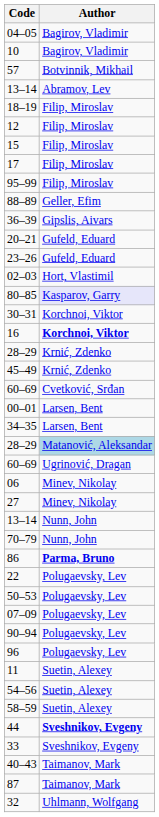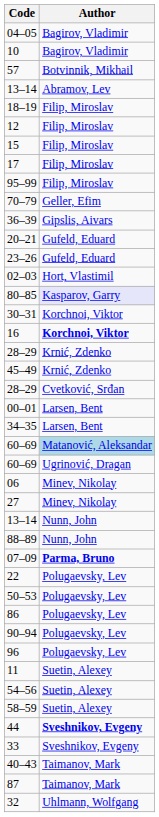 <table class="wikitable sortable">
 <tr>
 <th>Code</th>
 <th>Author</th>
 </tr>
 <tr>
 <td>04–05</td>
 <td><a href='#'>Bagirov, Vladimir</a></td>
 </tr>
 <tr>
 <td>10</td>
 <td><a href='#'>Bagirov, Vladimir</a></td>
 </tr>
 <tr>
 <td>57</td>
 <td><a href='#'>Botvinnik, Mikhail</a></td>
 </tr>
 <tr>
 <td>13–14</td>
 <td><a href='#'>Abramov, Lev</a></td>
 </tr>
 <tr>
 <td>18–19</td>
 <td><a href='#'>Filip, Miroslav</a></td>
 </tr>
 <tr>
 <td>12</td>
 <td><a href='#'>Filip, Miroslav</a></td>
 </tr>
 <tr>
 <td>15</td>
 <td><a href='#'>Filip, Miroslav</a></td>
 </tr>
 <tr>
 <td>17</td>
 <td><a href='#'>Filip, Miroslav</a></td>
 </tr>
 <tr>
 <td>95–99</td>
 <td><a href='#'>Filip, Miroslav</a></td>
 </tr>
 <tr>
-<td>88–89</td>
+<td>70–79</td>
 <td><a href='#'>Geller, Efim</a></td>
 </tr>
 <tr>
 <td>36–39</td>
 <td><a href='#'>Gipslis, Aivars</a></td>
 </tr>
 <tr>
 <td>20–21</td>
 <td><a href='#'>Gufeld, Eduard</a></td>
 </tr>
 <tr>
 <td>23–26</td>
 <td><a href='#'>Gufeld, Eduard</a></td>
 </tr>
 <tr>
 <td>02–03</td>
 <td><a href='#'>Hort, Vlastimil</a></td>
 </tr>
 <tr>
 <td>80–85</td>
 <td style="background: lavender;"><a href='#'>Kasparov, Garry</a></td>
 </tr>
 <tr>
 <td>30–31</td>
 <td><a href='#'>Korchnoi, Viktor</a></td>
 </tr>
 <tr>
 <td>16</td>
 <td><strong><a href='#'>Korchnoi, Viktor</a></strong></td>
 </tr>
 <tr>
 <td>28–29</td>
 <td><a href='#'>Krnić, Zdenko</a></td>
 </tr>
 <tr>
 <td>45–49</td>
 <td><a href='#'>Krnić, Zdenko</a></td>
 </tr>
 <tr>
-<td>60–69</td>
+<td>28–29</td>
 <td><a href='#'>Cvetković, Srđan</a></td>
 </tr>
 <tr>
 <td>00–01</td>
 <td><a href='#'>Larsen, Bent</a></td>
 </tr>
 <tr>
 <td>34–35</td>
 <td><a href='#'>Larsen, Bent</a></td>
 </tr>
 <tr>
-<td>28–29</td>
+<td>60–69</td>
 <td style="background: lightblue;"><a href='#'>Matanović, Aleksandar</a></td>
 </tr>
 <tr>
 <td>60–69</td>
 <td><a href='#'>Ugrinović, Dragan</a></td>
 </tr>
 <tr>
 <td>06</td>
 <td><a href='#'>Minev, Nikolay</a></td>
 </tr>
 <tr>
 <td>27</td>
 <td><a href='#'>Minev, Nikolay</a></td>
 </tr>
 <tr>
 <td>13–14</td>
 <td><a href='#'>Nunn, John</a></td>
 </tr>
 <tr>
-<td>70–79</td>
+<td>88–89</td>
 <td><a href='#'>Nunn, John</a></td>
 </tr>
 <tr>
-<td>86</td>
+<td>07–09</td>
 <td><strong><a href='#'>Parma, Bruno</a></strong></td>
 </tr>
 <tr>
 <td>22</td>
 <td><a href='#'>Polugaevsky, Lev</a></td>
 </tr>
 <tr>
 <td>50–53</td>
 <td><a href='#'>Polugaevsky, Lev</a></td>
 </tr>
 <tr>
-<td>07–09</td>
+<td>86</td>
 <td><a href='#'>Polugaevsky, Lev</a></td>
 </tr>
 <tr>
 <td>90–94</td>
 <td><a href='#'>Polugaevsky, Lev</a></td>
 </tr>
 <tr>
 <td>96</td>
 <td><a href='#'>Polugaevsky, Lev</a></td>
 </tr>
 <tr>
 <td>11</td>
 <td><a href='#'>Suetin, Alexey</a></td>
 </tr>
 <tr>
 <td>54–56</td>
 <td><a href='#'>Suetin, Alexey</a></td>
 </tr>
 <tr>
 <td>58–59</td>
 <td><a href='#'>Suetin, Alexey</a></td>
 </tr>
 <tr>
 <td>44</td>
 <td><strong><a href='#'>Sveshnikov, Evgeny</a></strong></td>
 </tr>
 <tr>
 <td>33</td>
 <td><a href='#'>Sveshnikov, Evgeny</a></td>
 </tr>
 <tr>
 <td>40–43</td>
 <td><a href='#'>Taimanov, Mark</a></td>
 </tr>
 <tr>
 <td>87</td>
 <td><a href='#'>Taimanov, Mark</a></td>
 </tr>
 <tr>
 <td>32</td>
 <td><a href='#'>Uhlmann, Wolfgang</a></td>
 </tr>
 </table>
